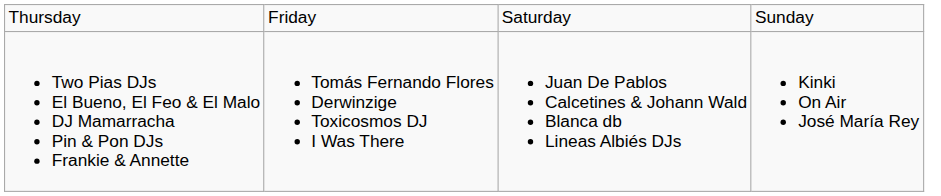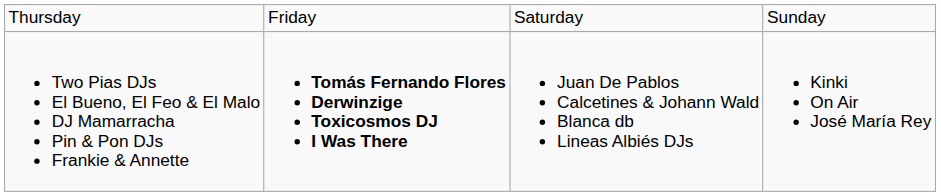 <table class="wikitable">
 <tr>
 <td>Thursday</td>
 <td>Friday</td>
 <td>Saturday</td>
 <td>Sunday</td>
 </tr>
 <tr valign="top">
 <td><br><ul><li>Two Pias DJs</li><li>El Bueno, El Feo & El Malo</li><li>DJ Mamarracha</li><li>Pin & Pon DJs</li><li>Frankie & Annette</li></ul></td>
-<td><br><ul><li>Tomás Fernando Flores</li><li>Derwinzige</li><li>Toxicosmos DJ</li><li>I Was There</li></ul></td>
+<td><strong><br><ul><li>Tomás Fernando Flores</li><li>Derwinzige</li><li>Toxicosmos DJ</li><li>I Was There</li></ul></strong></td>
 <td><br><ul><li>Juan De Pablos</li><li>Calcetines & Johann Wald</li><li>Blanca db</li><li>Lineas Albiés DJs</li></ul></td>
 <td><br><ul><li>Kinki</li><li>On Air</li><li>José María Rey</li></ul></td>
 </tr>
 </table>
